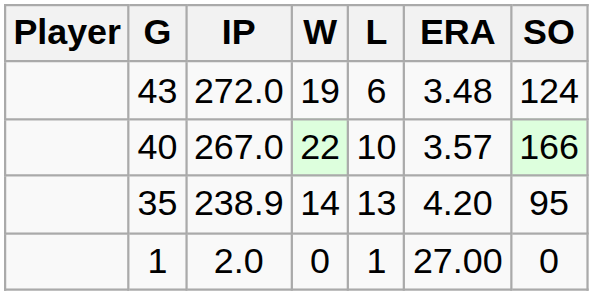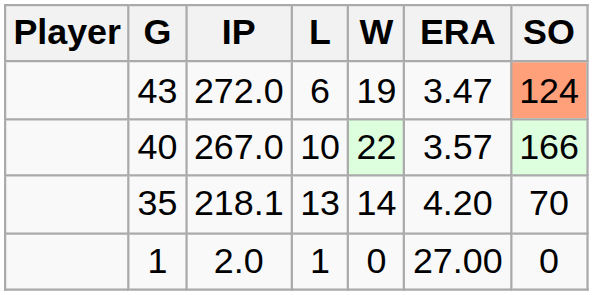 <table class="wikitable sortable" style="text-align:center;">
 <tr>
 <th>Player</th>
 <th>G</th>
 <th>IP</th>
+<th>L</th>
 <th>W</th>
-<th>L</th>
 <th>ERA</th>
 <th>SO</th>
 </tr>
 <tr>
 <td></td>
 <td>43</td>
 <td>272.0</td>
+<td>6</td>
 <td>19</td>
-<td>6</td>
-<td>3.48</td>
-<td>124</td>
+<td>3.47</td>
+<td style="background: lightsalmon;">124</td>
 </tr>
 <tr>
 <td></td>
 <td>40</td>
 <td>267.0</td>
+<td>10</td>
 <td style="background:#DDFFDD;">22</td>
-<td>10</td>
 <td>3.57</td>
 <td style="background:#DDFFDD;">166</td>
 </tr>
 <tr>
 <td></td>
 <td>35</td>
-<td>238.9</td>
+<td>218.1</td>
+<td>13</td>
 <td>14</td>
-<td>13</td>
 <td>4.20</td>
-<td>95</td>
+<td>70</td>
 </tr>
 <tr>
 <td></td>
 <td>1</td>
 <td>2.0</td>
+<td>1</td>
 <td>0</td>
-<td>1</td>
 <td>27.00</td>
 <td>0</td>
 </tr>
 </table>
